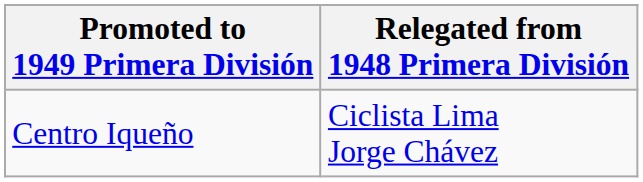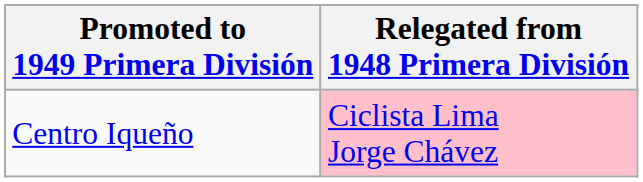 <table class="wikitable">
 <tr>
 <th>Promoted to<br><a href='#'>1949 Primera División</a></th>
 <th>Relegated from<br><a href='#'>1948 Primera División</a></th>
 </tr>
 <tr>
 <td> <a href='#'>Centro Iqueño</a> </td>
-<td> <a href='#'>Ciclista Lima</a> <br> <a href='#'>Jorge Chávez</a> </td>
+<td style="background: pink;"> <a href='#'>Ciclista Lima</a> <br> <a href='#'>Jorge Chávez</a> </td>
 </tr>
 </table>
